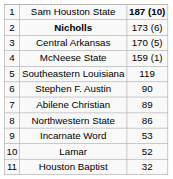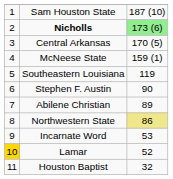 <table class="wikitable">
 <tr align="center">
 </tr>
 <tr align="center">
 <td>1</td>
 <td>Sam Houston State</td>
-<td><strong>187 (10)</strong></td>
+<td>187 (10)</td>
 </tr>
 <tr align="center">
 <td>2</td>
 <td><strong>Nicholls</strong></td>
-<td>173 (6)</td>
+<td style="background: lightgreen;">173 (6)</td>
 </tr>
 <tr align="center">
 <td>3</td>
 <td>Central Arkansas</td>
 <td>170 (5)</td>
 </tr>
 <tr align="center">
 <td>4</td>
 <td>McNeese State</td>
 <td>159 (1)</td>
 </tr>
 <tr align="center">
 <td>5</td>
 <td>Southeastern Louisiana</td>
 <td>119</td>
 </tr>
 <tr align="center">
 <td>6</td>
 <td>Stephen F. Austin</td>
 <td>90</td>
 </tr>
 <tr align="center">
 <td>7</td>
 <td>Abilene Christian</td>
 <td>89</td>
 </tr>
 <tr align="center">
 <td>8</td>
 <td>Northwestern State</td>
-<td>86</td>
+<td style="background: khaki;">86</td>
 </tr>
 <tr align="center">
 <td>9</td>
 <td>Incarnate Word</td>
 <td>53</td>
 </tr>
 <tr align="center">
-<td>10</td>
+<td style="background: gold;">10</td>
 <td>Lamar</td>
 <td>52</td>
 </tr>
 <tr align="center">
 <td>11</td>
 <td>Houston Baptist</td>
 <td>32</td>
 </tr>
 </table>
